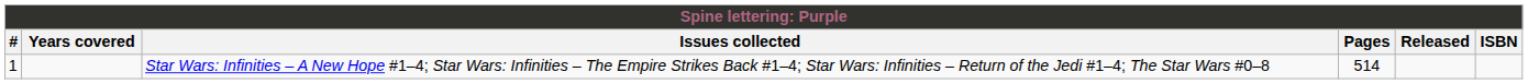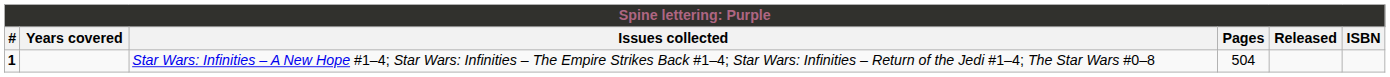 <table class="wikitable sortable" width=98%>
 <tr>
 <th colspan=6 style="background-color: #31312D; color: #AE6682;">Spine lettering: Purple</th>
 </tr>
 <tr>
 <th class="unsortable">#</th>
 <th>Years covered</th>
 <th class="unsortable">Issues collected</th>
 <th class="unsortable">Pages</th>
 <th>Released</th>
 <th class="unsortable">ISBN</th>
 </tr>
 <tr>
-<td>1</td>
+<td><strong>1</strong></td>
 <td></td>
 <td><em><a href='#'>Star Wars: Infinities – A New Hope</a></em> #1–4; <em>Star Wars: Infinities – The Empire Strikes Back</em> #1–4; <em>Star Wars: Infinities – Return of the Jedi</em> #1–4; <em>The Star Wars</em> #0–8</td>
-<td style="text-align: center;">514</td>
+<td style="text-align: center;">504</td>
 <td></td>
 <td></td>
 </tr>
 </table>
